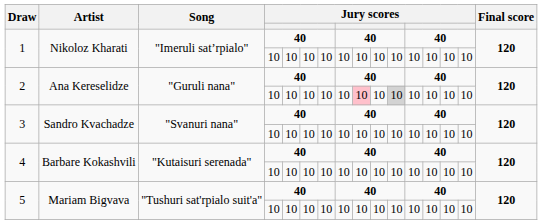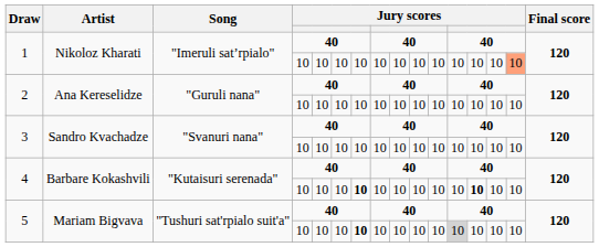 <table class="sortable wikitable" style="text-align:center;margin:1em auto 1em auto">
 <tr>
 <th rowspan="2" scope="col">Draw</th>
 <th rowspan="2" scope="col">Artist</th>
 <th rowspan="2" scope="col">Song</th>
 <th colspan="12" scope="col">Jury scores</th>
 <th rowspan="2" scope="col">Final score</th>
 </tr>
 <tr>
 <th colspan="4" class="unsortable" scope="col"><small></small></th>
 <th colspan="4" class="unsortable" scope="col"><small></small></th>
 <th colspan="4" class="unsortable" scope="col"><small></small></th>
 </tr>
 <tr>
 <td rowspan="2">1</td>
 <td rowspan="2">Nikoloz Kharati</td>
 <td rowspan="2">"Imeruli sat’rpialo"<br></td>
 <td colspan="4"><strong>40</strong></td>
 <td colspan="4"><strong>40</strong></td>
 <td colspan="4"><strong>40</strong></td>
 <td rowspan="2"><strong>120</strong></td>
 </tr>
 <tr>
 <td>10</td>
 <td>10</td>
 <td>10</td>
 <td>10</td>
 <td>10</td>
 <td>10</td>
 <td>10</td>
 <td>10</td>
 <td>10</td>
 <td>10</td>
 <td>10</td>
-<td>10</td>
+<td style="background: lightsalmon;">10</td>
 </tr>
 <tr>
 <td rowspan="2">2</td>
 <td rowspan="2">Ana Kereselidze</td>
 <td rowspan="2">"Guruli nana"<br></td>
 <td colspan="4"><strong>40</strong></td>
 <td colspan="4"><strong>40</strong></td>
 <td colspan="4"><strong>40</strong></td>
 <td rowspan="2"><strong>120</strong></td>
 </tr>
 <tr>
 <td>10</td>
 <td>10</td>
 <td>10</td>
 <td>10</td>
 <td>10</td>
-<td style="background: pink;">10</td>
 <td>10</td>
-<td style="background: lightgrey;">10</td>
+<td>10</td>
+<td>10</td>
 <td>10</td>
 <td>10</td>
 <td>10</td>
 <td>10</td>
 </tr>
 <tr>
 <td rowspan="2">3</td>
 <td rowspan="2">Sandro Kvachadze</td>
 <td rowspan="2">"Svanuri nana"<br></td>
 <td colspan="4"><strong>40</strong></td>
 <td colspan="4"><strong>40</strong></td>
 <td colspan="4"><strong>40</strong></td>
 <td rowspan="2"><strong>120</strong></td>
 </tr>
 <tr>
 <td>10</td>
 <td>10</td>
 <td>10</td>
 <td>10</td>
 <td>10</td>
 <td>10</td>
 <td>10</td>
 <td>10</td>
 <td>10</td>
 <td>10</td>
 <td>10</td>
 <td>10</td>
 </tr>
 <tr>
 <td rowspan="2">4</td>
 <td rowspan="2">Barbare Kokashvili</td>
 <td rowspan="2">"Kutaisuri serenada"<br></td>
 <td colspan="4"><strong>40</strong></td>
 <td colspan="4"><strong>40</strong></td>
 <td colspan="4"><strong>40</strong></td>
 <td rowspan="2"><strong>120</strong></td>
 </tr>
 <tr>
 <td>10</td>
 <td>10</td>
 <td>10</td>
+<td><strong>10</strong></td>
 <td>10</td>
 <td>10</td>
 <td>10</td>
 <td>10</td>
 <td>10</td>
-<td>10</td>
-<td>10</td>
+<td><strong>10</strong></td>
 <td>10</td>
 <td>10</td>
 </tr>
 <tr>
 <td rowspan="2">5</td>
 <td rowspan="2">Mariam Bigvava</td>
 <td rowspan="2">"Tushuri sat'rpialo suit'a"<br></td>
 <td colspan="4"><strong>40</strong></td>
 <td colspan="4"><strong>40</strong></td>
 <td colspan="4"><strong>40</strong></td>
 <td rowspan="2"><strong>120</strong></td>
 </tr>
 <tr>
 <td>10</td>
 <td>10</td>
 <td>10</td>
+<td><strong>10</strong></td>
 <td>10</td>
 <td>10</td>
 <td>10</td>
 <td>10</td>
-<td>10</td>
-<td>10</td>
+<td style="background: lightgrey;">10</td>
 <td>10</td>
 <td>10</td>
 <td>10</td>
 </tr>
 </table>
